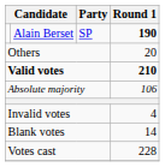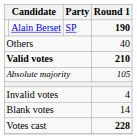 <table class="wikitable" style="text-align:right;">
 <tr>
 <th colspan=2>Candidate</th>
 <th>Party</th>
 <th>Round 1</th>
 </tr>
 <tr>
 <td style="background-color:"></td>
 <td style="text-align:left;"><a href='#'>Alain Berset</a></td>
 <td style="text-align:left;"><a href='#'>SP</a></td>
 <td><strong>190</strong></td>
 </tr>
 <tr>
 <td colspan=3 style="text-align:left;">Others</td>
-<td>20</td>
+<td>40</td>
 </tr>
 <tr style="font-weight:bold;">
 <td colspan=3 style="text-align:left;">Valid votes</td>
 <td>210</td>
 </tr>
 <tr style="font-style:italic; font-size:90%;">
 <td colspan=3 style="text-align:left;">Absolute majority</td>
-<td>106</td>
+<td>105</td>
 </tr>
 <tr>
 <th colspan=10></th>
 </tr>
 <tr>
 <td colspan=3 style="text-align:left;">Invalid votes</td>
 <td>4</td>
 </tr>
 <tr>
 <td colspan=3 style="text-align:left;">Blank votes</td>
 <td>14</td>
 </tr>
 <tr>
 <td colspan=3 style="text-align:left;">Votes cast</td>
-<td>228</td>
+<td><strong>228</strong></td>
 </tr>
 <tr>
 </tr>
 </table>
